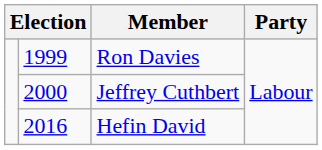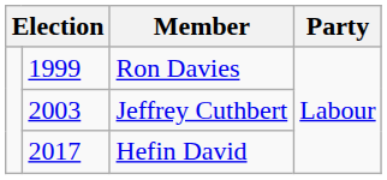 <table class="wikitable">
 <tr>
 <th colspan="2">Election</th>
 <th>Member</th>
 <th>Party</th>
 </tr>
 <tr>
 <td rowspan=3 style="background-color: "></td>
 <td><a href='#'>1999</a></td>
 <td><a href='#'>Ron Davies</a></td>
 <td rowspan=3><a href='#'>Labour</a></td>
 </tr>
 <tr>
-<td><a href='#'>2000</a></td>
+<td><a href='#'>2003</a></td>
 <td><a href='#'>Jeffrey Cuthbert</a></td>
 </tr>
 <tr>
-<td><a href='#'>2016</a></td>
+<td><a href='#'>2017</a></td>
 <td><a href='#'>Hefin David</a></td>
 </tr>
 </table>
